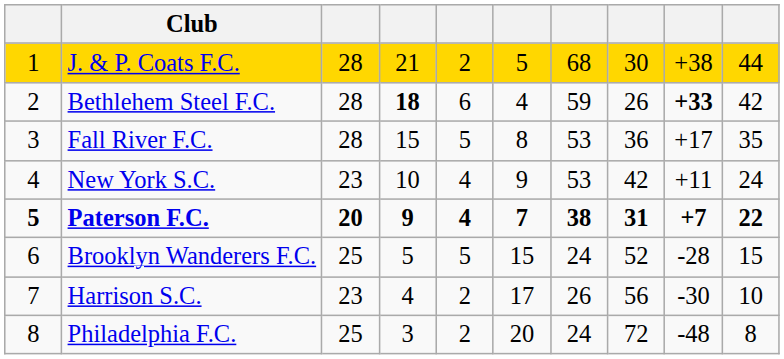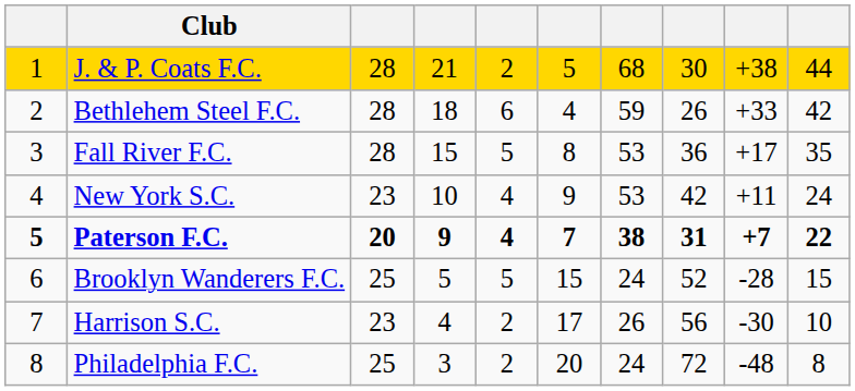 <table class="wikitable" style="text-align:center">
 <tr>
 <th width=30></th>
 <th>Club</th>
 <th width=30></th>
 <th width=30></th>
 <th width=30></th>
 <th width=30></th>
 <th width=30></th>
 <th width=30></th>
 <th width=30></th>
 <th width=30></th>
 </tr>
 <tr bgcolor="gold">
 <td>1</td>
 <td align=left><a href='#'>J. & P. Coats F.C.</a></td>
 <td>28</td>
 <td>21</td>
 <td>2</td>
 <td>5</td>
 <td>68</td>
 <td>30</td>
 <td>+38</td>
 <td>44</td>
 </tr>
 <tr>
 <td>2</td>
 <td align=left><a href='#'>Bethlehem Steel F.C.</a></td>
 <td>28</td>
-<td><strong>18</strong></td>
+<td>18</td>
 <td>6</td>
 <td>4</td>
 <td>59</td>
 <td>26</td>
-<td><strong>+33</strong></td>
+<td>+33</td>
 <td>42</td>
 </tr>
 <tr>
 <td>3</td>
 <td align=left><a href='#'>Fall River F.C.</a></td>
 <td>28</td>
 <td>15</td>
 <td>5</td>
 <td>8</td>
 <td>53</td>
 <td>36</td>
 <td>+17</td>
 <td>35</td>
 </tr>
 <tr>
 <td>4</td>
 <td align=left><a href='#'>New York S.C.</a></td>
 <td>23</td>
 <td>10</td>
 <td>4</td>
 <td>9</td>
 <td>53</td>
 <td>42</td>
 <td>+11</td>
 <td>24</td>
 </tr>
 <tr>
 <td><strong>5</strong></td>
 <td align=left><strong><a href='#'>Paterson F.C.</a></strong></td>
 <td><strong>20</strong></td>
 <td><strong>9</strong></td>
 <td><strong>4</strong></td>
 <td><strong>7</strong></td>
 <td><strong>38</strong></td>
 <td><strong>31</strong></td>
 <td><strong>+7</strong></td>
 <td><strong>22</strong></td>
 </tr>
 <tr>
 <td>6</td>
 <td align=left><a href='#'>Brooklyn Wanderers F.C.</a></td>
 <td>25</td>
 <td>5</td>
 <td>5</td>
 <td>15</td>
 <td>24</td>
 <td>52</td>
 <td>-28</td>
 <td>15</td>
 </tr>
 <tr>
 <td>7</td>
 <td align=left><a href='#'>Harrison S.C.</a></td>
 <td>23</td>
 <td>4</td>
 <td>2</td>
 <td>17</td>
 <td>26</td>
 <td>56</td>
 <td>-30</td>
 <td>10</td>
 </tr>
 <tr>
 <td>8</td>
 <td align=left><a href='#'>Philadelphia F.C.</a></td>
 <td>25</td>
 <td>3</td>
 <td>2</td>
 <td>20</td>
 <td>24</td>
 <td>72</td>
 <td>-48</td>
 <td>8</td>
 </tr>
 </table>
